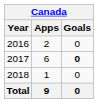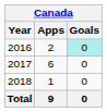 <table class="wikitable" style="text-align:center">
 <tr>
 <th colspan=3><a href='#'>Canada</a></th>
 </tr>
 <tr>
 <th>Year</th>
 <th>Apps</th>
 <th>Goals</th>
 </tr>
 <tr>
 <td>2016</td>
 <td>2</td>
-<td>0</td>
+<td style="background: paleturquoise;">0</td>
 </tr>
 <tr>
 <td>2017</td>
 <td>6</td>
-<td><strong>0</strong></td>
+<td>0</td>
 </tr>
 <tr>
 <td>2018</td>
 <td>1</td>
 <td>0</td>
 </tr>
 <tr>
 <th>Total</th>
 <th>9</th>
 <th>0</th>
 </tr>
 </table>
